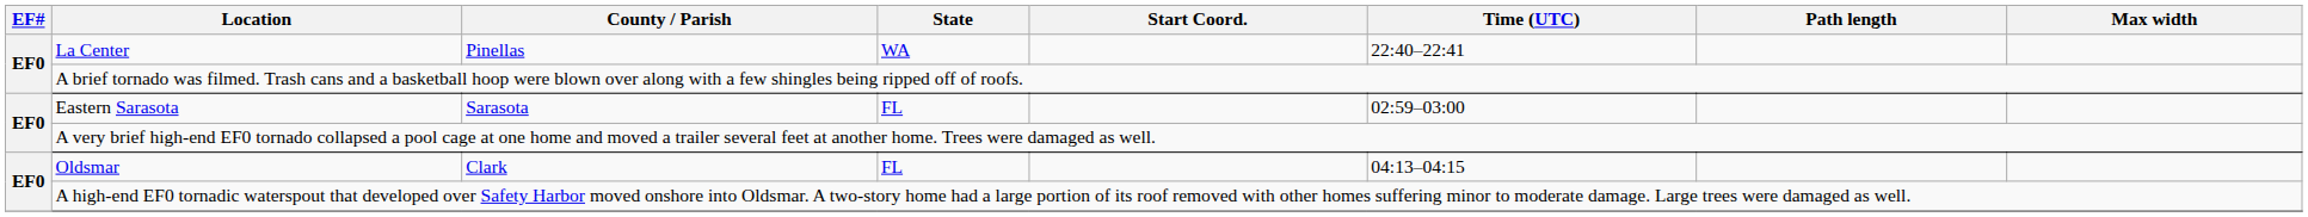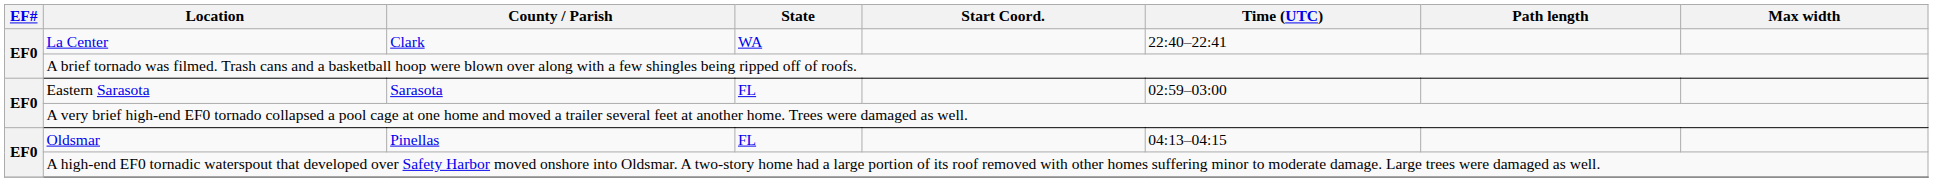 <table class="wikitable sortable" style="width:100%;">
 <tr>
 <th scope="col" width="2%" align="center"><a href='#'>EF#</a></th>
 <th scope="col" align="center" class="unsortable">Location</th>
 <th scope="col" align="center" class="unsortable">County / Parish</th>
 <th scope="col" align="center">State</th>
 <th scope="col" align="center">Start Coord.</th>
 <th scope="col" align="center">Time (<a href='#'>UTC</a>)</th>
 <th scope="col" align="center">Path length</th>
 <th scope="col" align="center">Max width</th>
 </tr>
 <tr>
 <th scope="row" rowspan="2" style="background-color:#">EF0</th>
 <td><a href='#'>La Center</a></td>
-<td><a href='#'>Pinellas</a></td>
+<td><a href='#'>Clark</a></td>
 <td><a href='#'>WA</a></td>
 <td></td>
 <td>22:40–22:41</td>
 <td></td>
 <td></td>
 </tr>
 <tr class="expand-child">
 <td colspan="8" style=" border-bottom: 1px solid black;">A brief tornado was filmed. Trash cans and a basketball hoop were blown over along with a few shingles being ripped off of roofs.</td>
 </tr>
 <tr>
 <th scope="row" rowspan="2" style="background-color:#">EF0</th>
 <td>Eastern <a href='#'>Sarasota</a></td>
 <td><a href='#'>Sarasota</a></td>
 <td><a href='#'>FL</a></td>
 <td></td>
 <td>02:59–03:00</td>
 <td></td>
 <td></td>
 </tr>
 <tr class="expand-child">
 <td colspan="8" style=" border-bottom: 1px solid black;">A very brief high-end EF0 tornado collapsed a pool cage at one home and moved a trailer several feet at another home. Trees were damaged as well.</td>
 </tr>
 <tr>
 <th scope="row" rowspan="2" style="background-color:#">EF0</th>
 <td><a href='#'>Oldsmar</a></td>
-<td><a href='#'>Clark</a></td>
+<td><a href='#'>Pinellas</a></td>
 <td><a href='#'>FL</a></td>
 <td></td>
 <td>04:13–04:15</td>
 <td></td>
 <td></td>
 </tr>
 <tr class="expand-child">
 <td colspan="8" style=" border-bottom: 1px solid black;">A high-end EF0 tornadic waterspout that developed over <a href='#'>Safety Harbor</a> moved onshore into Oldsmar. A two-story home had a large portion of its roof removed with other homes suffering minor to moderate damage. Large trees were damaged as well.</td>
 </tr>
 <tr>
 </tr>
 </table>
